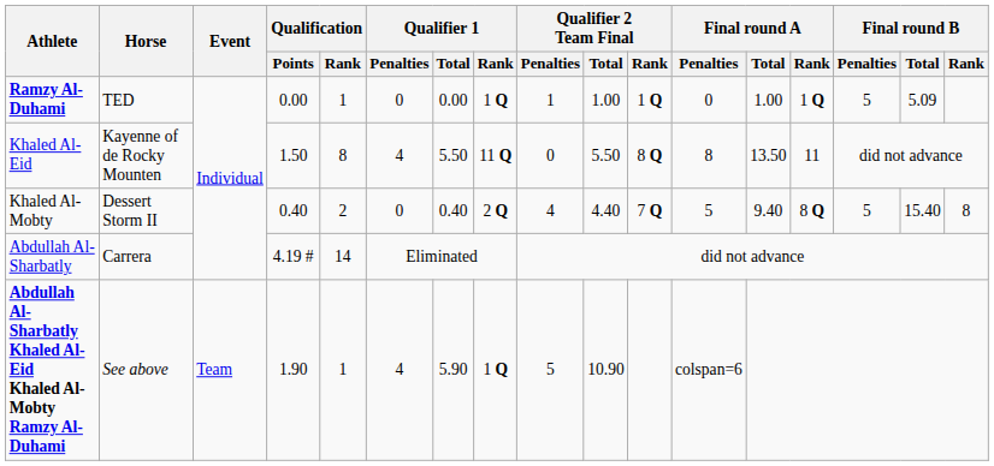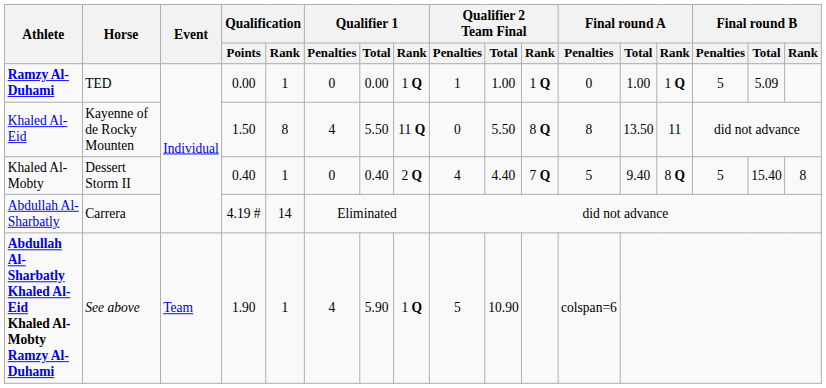 <table class=wikitable style=font-size:90%;text-align:center>
 <tr>
 <th rowspan=2>Athlete</th>
 <th rowspan=2>Horse</th>
 <th rowspan=2>Event</th>
 <th colspan=2>Qualification</th>
 <th colspan=3>Qualifier 1</th>
 <th colspan=3>Qualifier 2<br>Team Final</th>
 <th colspan=3>Final round A</th>
 <th colspan=3>Final round B</th>
 </tr>
 <tr style="font-size:95%">
 <th>Points</th>
 <th>Rank</th>
 <th>Penalties</th>
 <th>Total</th>
 <th>Rank</th>
 <th>Penalties</th>
 <th>Total</th>
 <th>Rank</th>
 <th>Penalties</th>
 <th>Total</th>
 <th>Rank</th>
 <th>Penalties</th>
 <th>Total</th>
 <th>Rank</th>
 </tr>
 <tr>
 <td align=left><strong><a href='#'>Ramzy Al-Duhami</a></strong></td>
 <td align=left>TED</td>
 <td align=left rowspan=4><a href='#'>Individual</a></td>
 <td>0.00</td>
 <td>1</td>
 <td>0</td>
 <td>0.00</td>
 <td>1 <strong>Q</strong></td>
 <td>1</td>
 <td>1.00</td>
 <td>1 <strong>Q</strong></td>
 <td>0</td>
 <td>1.00</td>
 <td>1 <strong>Q</strong></td>
 <td>5</td>
 <td>5.09</td>
 <td></td>
 </tr>
 <tr>
 <td align=left><a href='#'>Khaled Al-Eid</a></td>
 <td align=left>Kayenne of de Rocky Mounten</td>
 <td>1.50</td>
 <td>8</td>
 <td>4</td>
 <td>5.50</td>
 <td>11 <strong>Q</strong></td>
 <td>0</td>
 <td>5.50</td>
 <td>8 <strong>Q</strong></td>
 <td>8</td>
 <td>13.50</td>
 <td>11</td>
 <td colspan=3>did not advance</td>
 </tr>
 <tr>
 <td align=left>Khaled Al-Mobty</td>
 <td align=left>Dessert Storm II</td>
 <td>0.40</td>
-<td>2</td>
+<td>1</td>
 <td>0</td>
 <td>0.40</td>
 <td>2 <strong>Q</strong></td>
 <td>4</td>
 <td>4.40</td>
 <td>7 <strong>Q</strong></td>
 <td>5</td>
 <td>9.40</td>
 <td>8 <strong>Q</strong></td>
 <td>5</td>
 <td>15.40</td>
 <td>8</td>
 </tr>
 <tr>
 <td align=left><a href='#'>Abdullah Al-Sharbatly</a></td>
 <td align=left>Carrera</td>
 <td>4.19 #</td>
 <td>14</td>
 <td colspan=3>Eliminated</td>
 <td colspan=9>did not advance</td>
 </tr>
 <tr>
 <td align=left><strong><a href='#'>Abdullah Al-Sharbatly</a><br><a href='#'>Khaled Al-Eid</a><br>Khaled Al-Mobty<br><a href='#'>Ramzy Al-Duhami</a></strong></td>
 <td align=left><em>See above</em></td>
 <td align=left><a href='#'>Team</a></td>
 <td>1.90</td>
 <td>1</td>
 <td>4</td>
 <td>5.90</td>
 <td>1 <strong>Q</strong></td>
 <td>5</td>
 <td>10.90</td>
 <td></td>
 <td>colspan=6 </td>
 </tr>
 </table>
